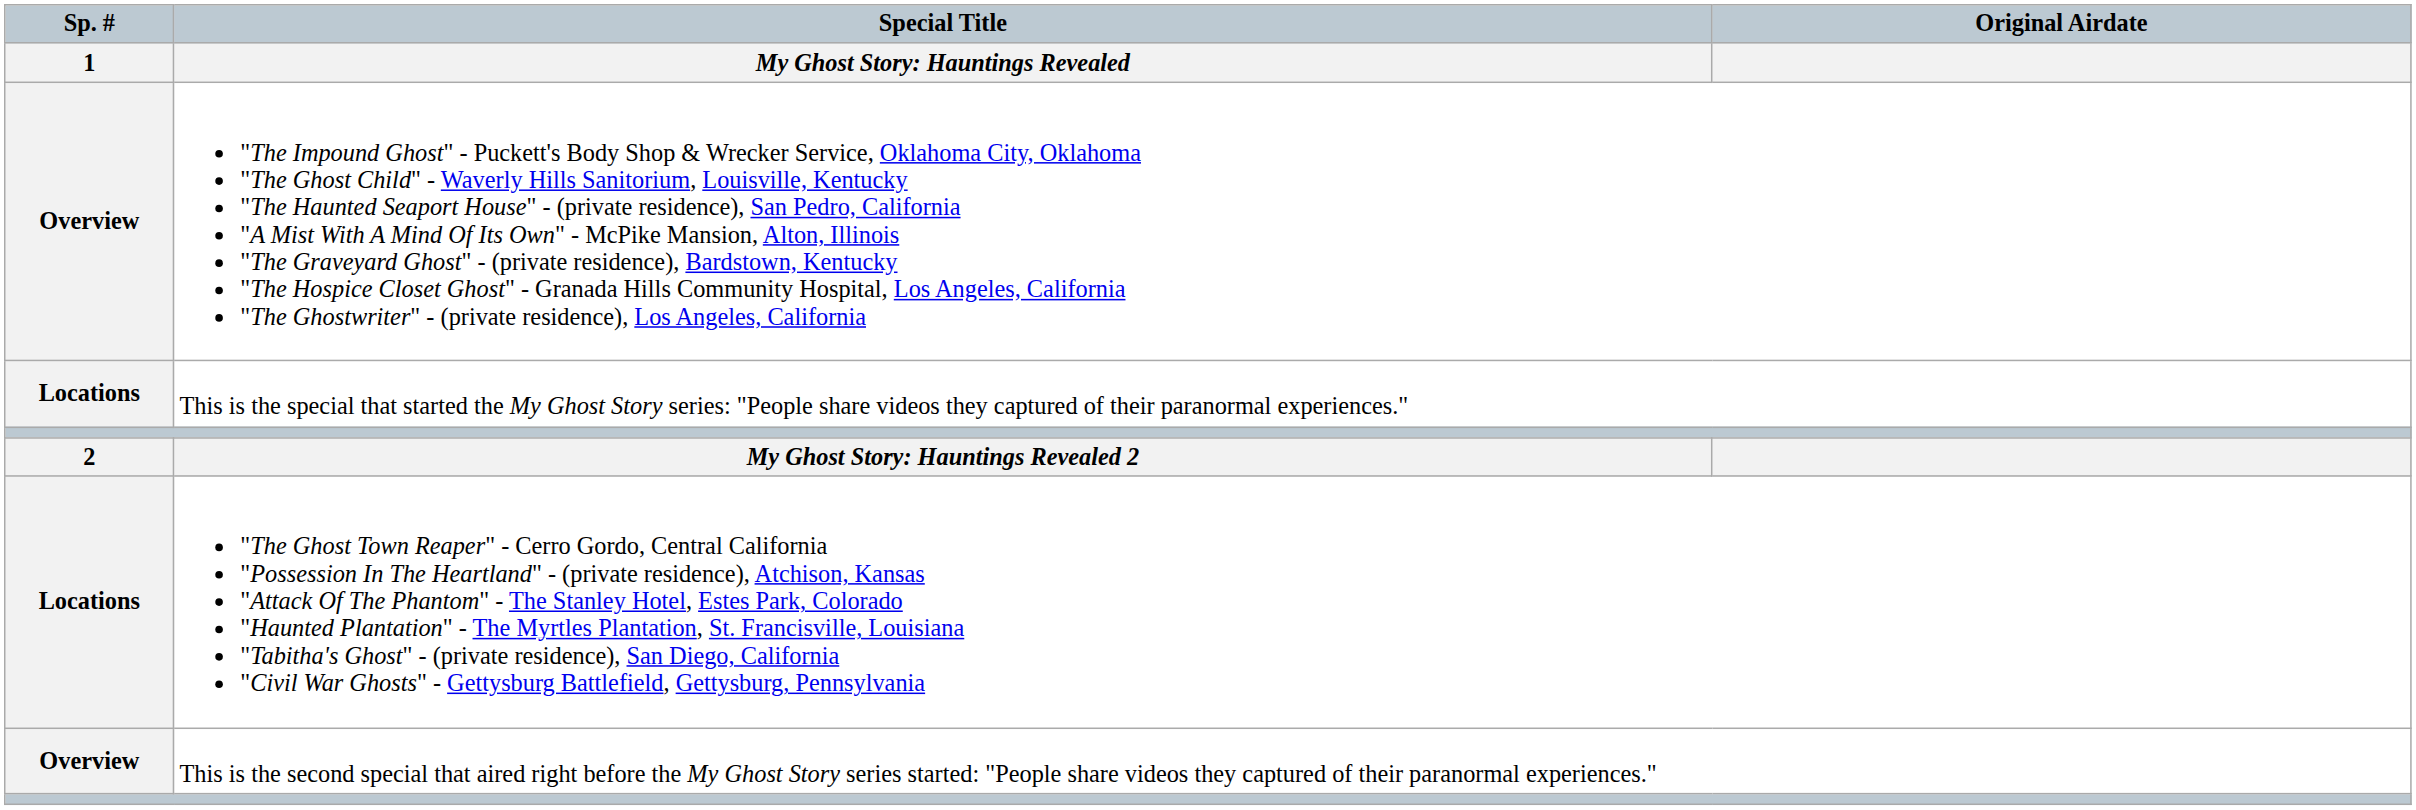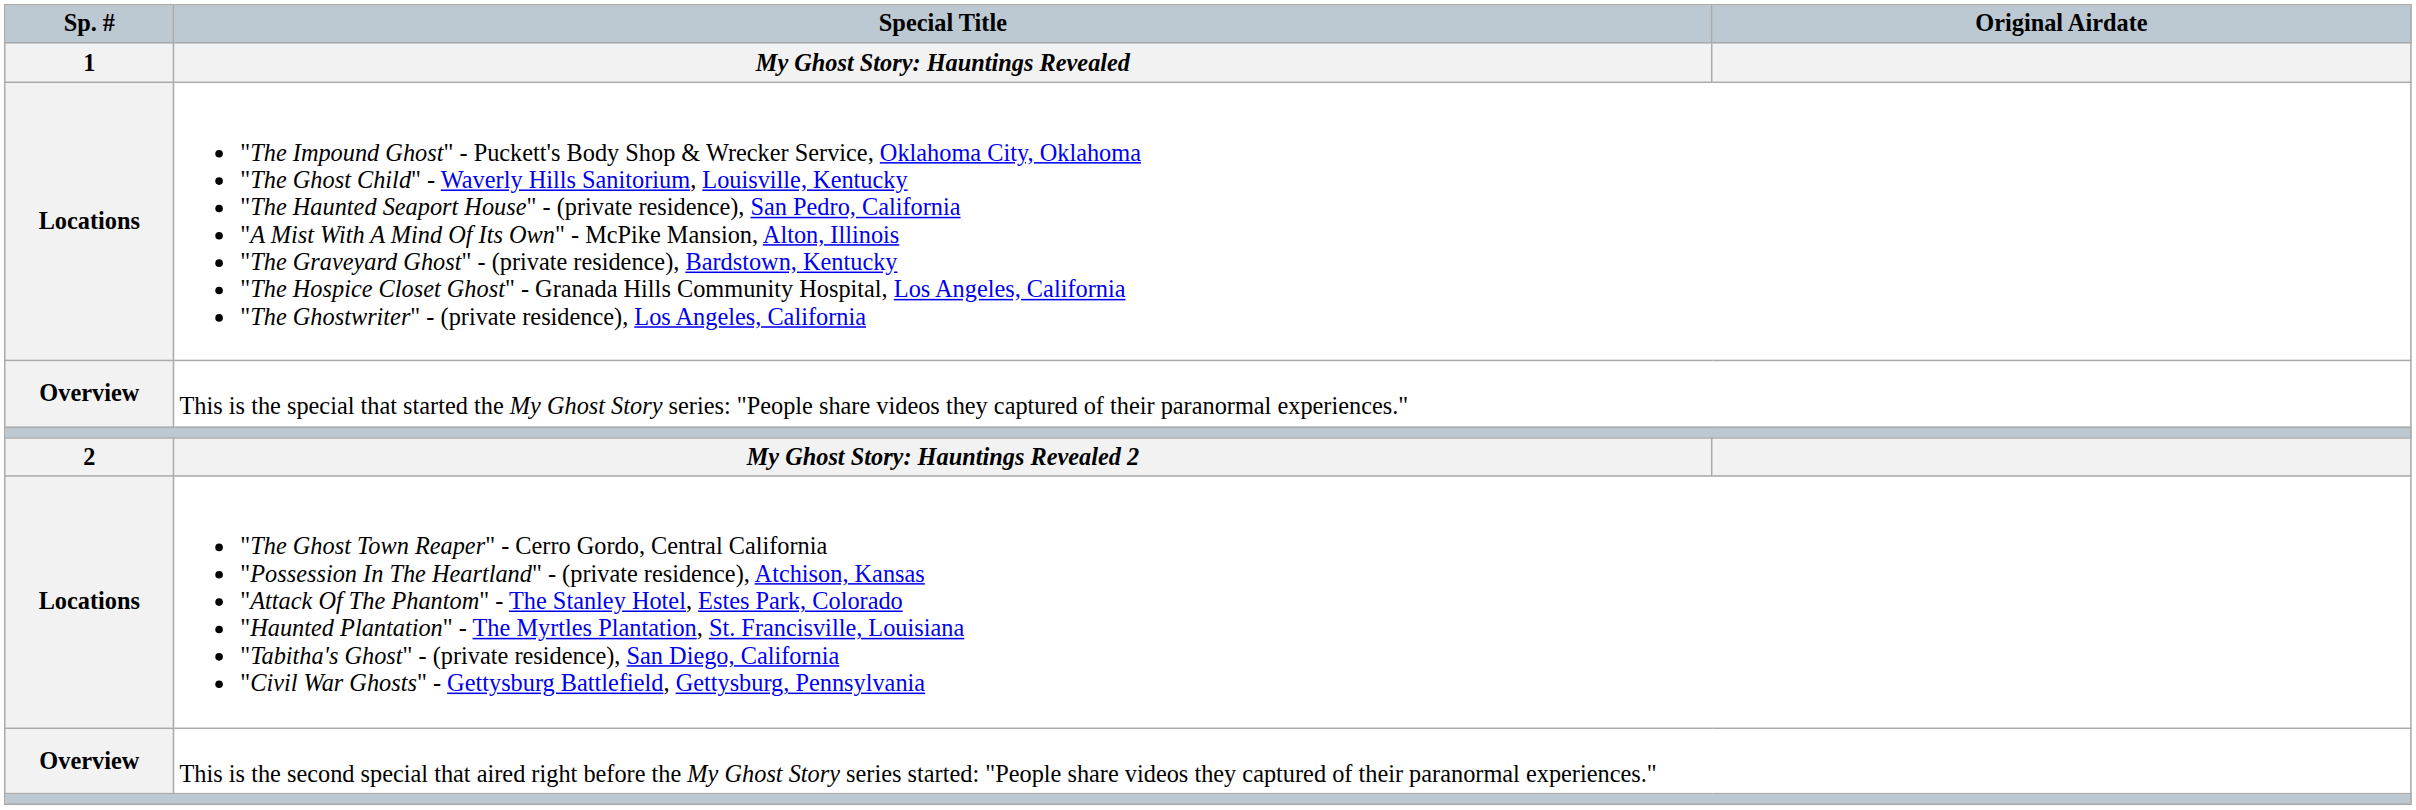 <table class="wikitable" style="background:#fff;" width=100%">
 <tr>
 <th style="background:#BCC9D2;"><span>Sp. #</span></th>
 <th style="background:#BCC9D2;"><span>Special Title</span></th>
 <th style="background:#BCC9D2;"><span>Original Airdate</span></th>
 </tr>
 <tr>
 <th>1</th>
 <th><em>My Ghost Story: Hauntings Revealed</em></th>
 <th></th>
 </tr>
 <tr>
-<th>Overview</th>
+<th>Locations</th>
 <td colspan="3"><br><ul><li>"<em>The Impound Ghost</em>" - Puckett's Body Shop & Wrecker Service, <a href='#'>Oklahoma City, Oklahoma</a></li><li>"<em>The Ghost Child</em>" - <a href='#'>Waverly Hills Sanitorium</a>, <a href='#'>Louisville, Kentucky</a></li><li>"<em>The Haunted Seaport House</em>" - (private residence), <a href='#'>San Pedro, California</a></li><li>"<em>A Mist With A Mind Of Its Own</em>" - McPike Mansion, <a href='#'>Alton, Illinois</a></li><li>"<em>The Graveyard Ghost</em>" - (private residence), <a href='#'>Bardstown, Kentucky</a></li><li>"<em>The Hospice Closet Ghost</em>" - Granada Hills Community Hospital, <a href='#'>Los Angeles, California</a></li><li>"<em>The Ghostwriter</em>" - (private residence), <a href='#'>Los Angeles, California</a></li></ul></td>
 </tr>
 <tr>
-<th>Locations</th>
+<th>Overview</th>
 <td colspan="3"><br>This is the special that started the <em>My Ghost Story</em> series: "People share videos they captured of their paranormal experiences."</td>
 </tr>
 <tr>
 <td colspan="3" style="background:#BCC9D2;"></td>
 </tr>
 <tr>
 <th>2</th>
 <th><em>My Ghost Story: Hauntings Revealed 2</em></th>
 <th></th>
 </tr>
 <tr>
 <th>Locations</th>
 <td colspan="3"><br><ul><li>"<em>The Ghost Town Reaper</em>" - Cerro Gordo, Central California</li><li>"<em>Possession In The Heartland</em>" - (private residence), <a href='#'>Atchison, Kansas</a></li><li>"<em>Attack Of The Phantom</em>" - <a href='#'>The Stanley Hotel</a>, <a href='#'>Estes Park, Colorado</a></li><li>"<em>Haunted Plantation</em>" - <a href='#'>The Myrtles Plantation</a>, <a href='#'>St. Francisville, Louisiana</a></li><li>"<em>Tabitha's Ghost</em>" - (private residence), <a href='#'>San Diego, California</a></li><li>"<em>Civil War Ghosts</em>" - <a href='#'>Gettysburg Battlefield</a>, <a href='#'>Gettysburg, Pennsylvania</a></li></ul></td>
 </tr>
 <tr>
 <th>Overview</th>
 <td colspan="3"><br>This is the second special that aired right before the <em>My Ghost Story</em> series started: "People share videos they captured of their paranormal experiences."</td>
 </tr>
 <tr>
 <td colspan="3" style="background:#BCC9D2;"></td>
 </tr>
 </table>
